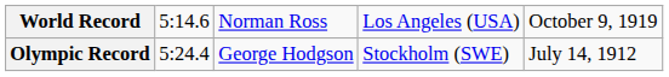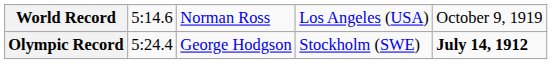 <table class="wikitable" style="font-size:95%;">
 <tr>
 <th>World Record</th>
 <td>5:14.6</td>
 <td> <a href='#'>Norman Ross</a></td>
 <td><a href='#'>Los Angeles</a> (<a href='#'>USA</a>)</td>
 <td>October 9, 1919</td>
 </tr>
 <tr>
 <th>Olympic Record</th>
 <td>5:24.4</td>
 <td> <a href='#'>George Hodgson</a></td>
 <td><a href='#'>Stockholm</a> (<a href='#'>SWE</a>)</td>
-<td>July 14, 1912</td>
+<td><strong>July 14, 1912</strong></td>
 </tr>
 </table>
